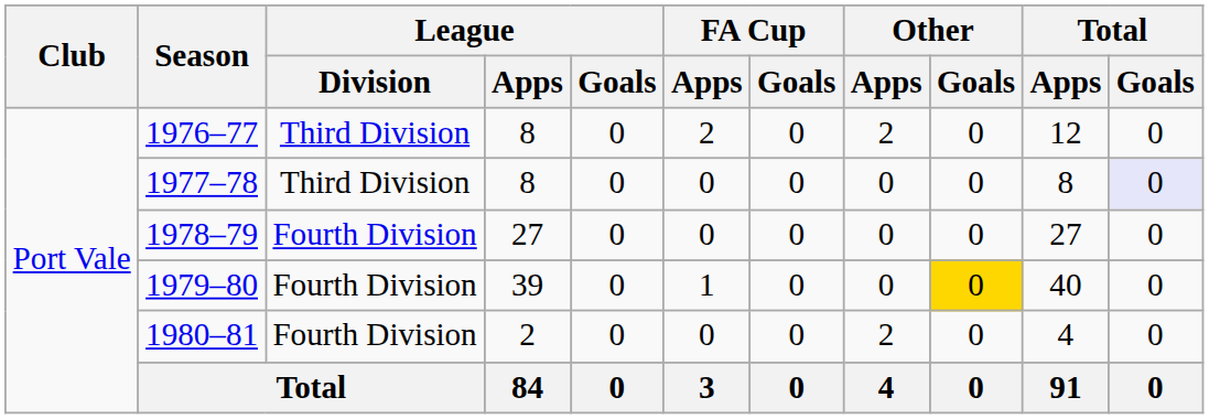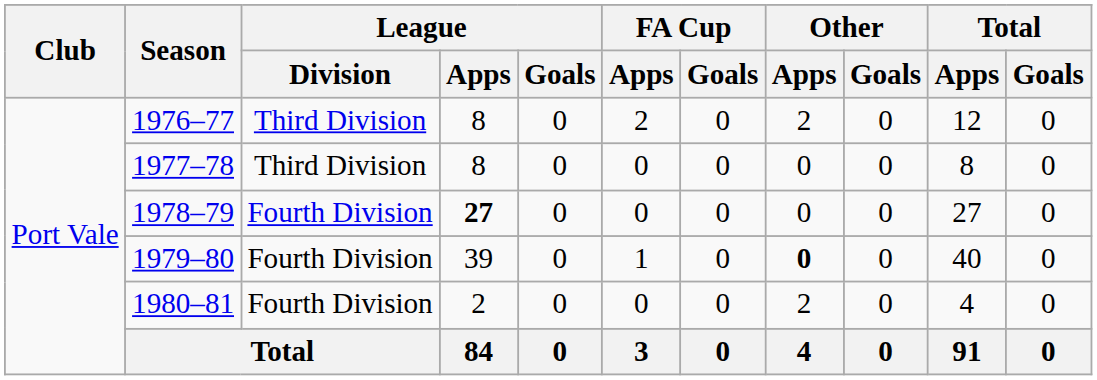 <table class="wikitable" style="text-align: center;">
 <tr>
 <th rowspan="2">Club</th>
 <th rowspan="2">Season</th>
 <th colspan="3">League</th>
 <th colspan="2">FA Cup</th>
 <th colspan="2">Other</th>
 <th colspan="2">Total</th>
 </tr>
 <tr>
 <th>Division</th>
 <th>Apps</th>
 <th>Goals</th>
 <th>Apps</th>
 <th>Goals</th>
 <th>Apps</th>
 <th>Goals</th>
 <th>Apps</th>
 <th>Goals</th>
 </tr>
 <tr>
 <td rowspan="6"><a href='#'>Port Vale</a></td>
 <td><a href='#'>1976–77</a></td>
 <td><a href='#'>Third Division</a></td>
 <td>8</td>
 <td>0</td>
 <td>2</td>
 <td>0</td>
 <td>2</td>
 <td>0</td>
 <td>12</td>
 <td>0</td>
 </tr>
 <tr>
 <td><a href='#'>1977–78</a></td>
 <td>Third Division</td>
 <td>8</td>
 <td>0</td>
 <td>0</td>
 <td>0</td>
 <td>0</td>
 <td>0</td>
 <td>8</td>
-<td style="background: lavender;">0</td>
+<td>0</td>
 </tr>
 <tr>
 <td><a href='#'>1978–79</a></td>
 <td><a href='#'>Fourth Division</a></td>
-<td>27</td>
+<td><strong>27</strong></td>
 <td>0</td>
 <td>0</td>
 <td>0</td>
 <td>0</td>
 <td>0</td>
 <td>27</td>
 <td>0</td>
 </tr>
 <tr>
 <td><a href='#'>1979–80</a></td>
 <td>Fourth Division</td>
 <td>39</td>
 <td>0</td>
 <td>1</td>
 <td>0</td>
+<td><strong>0</strong></td>
 <td>0</td>
-<td style="background: gold;">0</td>
 <td>40</td>
 <td>0</td>
 </tr>
 <tr>
 <td><a href='#'>1980–81</a></td>
 <td>Fourth Division</td>
 <td>2</td>
 <td>0</td>
 <td>0</td>
 <td>0</td>
 <td>2</td>
 <td>0</td>
 <td>4</td>
 <td>0</td>
 </tr>
 <tr>
 <th colspan="2">Total</th>
 <th>84</th>
 <th>0</th>
 <th>3</th>
 <th>0</th>
 <th>4</th>
 <th>0</th>
 <th>91</th>
 <th>0</th>
 </tr>
 </table>
